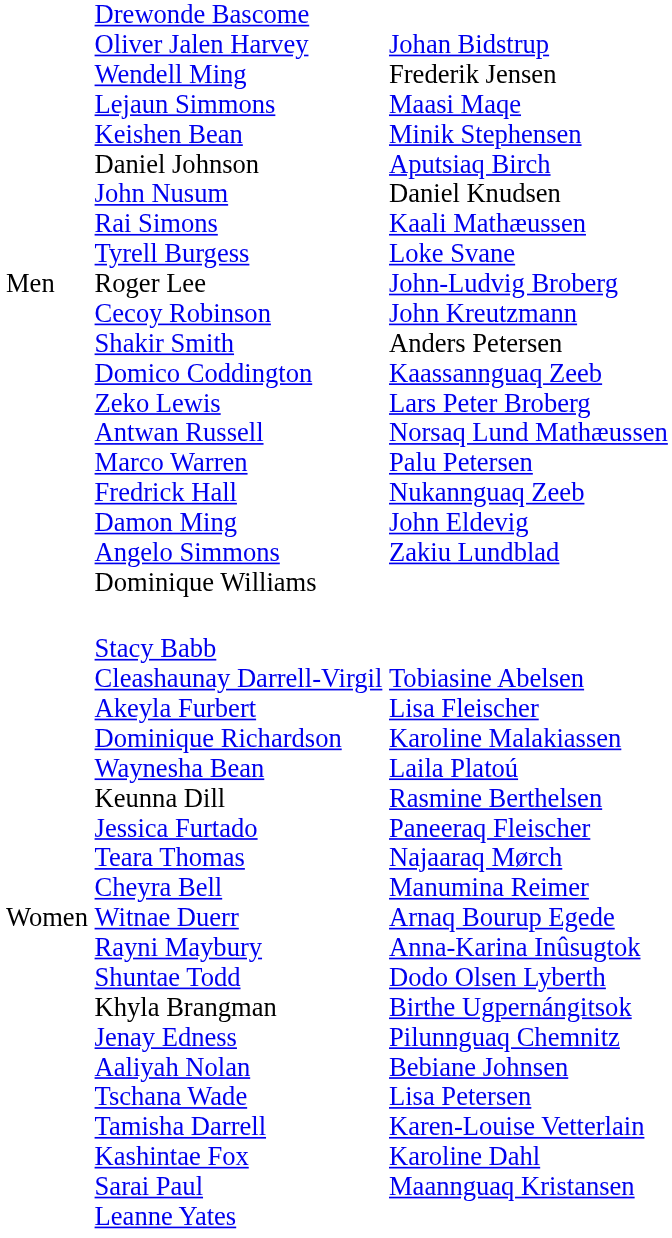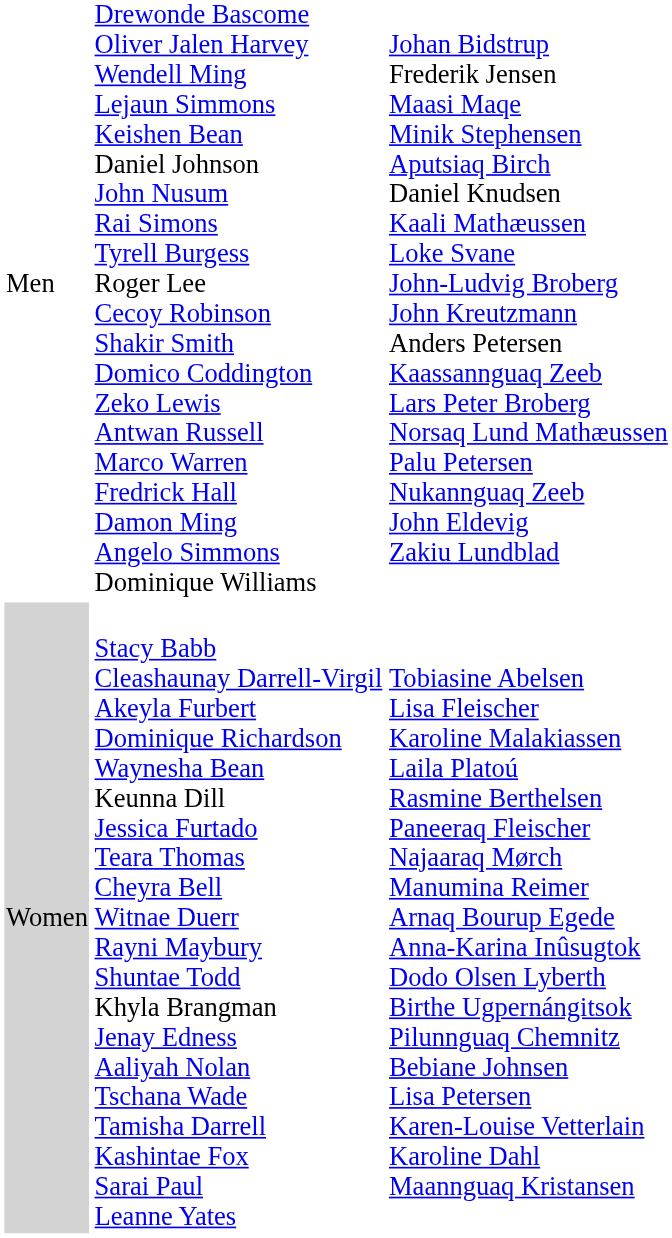 <table>
 <tr>
 <td>Men<br></td>
 <td><br><a href='#'>Drewonde Bascome</a><br><a href='#'>Oliver Jalen Harvey</a><br><a href='#'>Wendell Ming</a><br><a href='#'>Lejaun Simmons</a><br><a href='#'>Keishen Bean</a><br>Daniel Johnson<br><a href='#'>John Nusum</a><br><a href='#'>Rai Simons</a><br><a href='#'>Tyrell Burgess</a><br>Roger Lee<br><a href='#'>Cecoy Robinson</a><br><a href='#'>Shakir Smith</a><br><a href='#'>Domico Coddington</a><br><a href='#'>Zeko Lewis</a><br><a href='#'>Antwan Russell</a><br><a href='#'>Marco Warren</a><br><a href='#'>Fredrick Hall</a><br><a href='#'>Damon Ming</a><br><a href='#'>Angelo Simmons</a><br>Dominique Williams</td>
 <td><br><a href='#'>Johan Bidstrup</a><br>Frederik Jensen<br><a href='#'>Maasi Maqe</a><br><a href='#'>Minik Stephensen</a><br><a href='#'>Aputsiaq Birch</a><br>Daniel Knudsen<br><a href='#'>Kaali Mathæussen</a><br><a href='#'>Loke Svane</a><br><a href='#'>John-Ludvig Broberg</a><br><a href='#'>John Kreutzmann</a><br>Anders Petersen<br><a href='#'>Kaassannguaq Zeeb</a><br><a href='#'>Lars Peter Broberg</a><br><a href='#'>Norsaq Lund Mathæussen</a><br><a href='#'>Palu Petersen</a><br><a href='#'>Nukannguaq Zeeb</a><br><a href='#'>John Eldevig</a><br><a href='#'>Zakiu Lundblad</a></td>
 <td></td>
 </tr>
 <tr>
-<td>Women<br></td>
+<td style="background: lightgrey;">Women<br></td>
 <td><br><a href='#'>Stacy Babb</a><br><a href='#'>Cleashaunay Darrell-Virgil</a><br><a href='#'>Akeyla Furbert</a><br><a href='#'>Dominique Richardson</a><br><a href='#'>Waynesha Bean</a><br>Keunna Dill<br><a href='#'>Jessica Furtado</a><br><a href='#'>Teara Thomas</a><br><a href='#'>Cheyra Bell</a><br><a href='#'>Witnae Duerr</a><br><a href='#'>Rayni Maybury</a><br><a href='#'>Shuntae Todd</a><br>Khyla Brangman<br><a href='#'>Jenay Edness</a><br><a href='#'>Aaliyah Nolan</a><br><a href='#'>Tschana Wade</a><br><a href='#'>Tamisha Darrell</a><br><a href='#'>Kashintae Fox</a><br><a href='#'>Sarai Paul</a><br><a href='#'>Leanne Yates</a></td>
 <td><br><a href='#'>Tobiasine Abelsen</a><br><a href='#'>Lisa Fleischer</a><br><a href='#'>Karoline Malakiassen</a><br><a href='#'>Laila Platoú</a><br><a href='#'>Rasmine Berthelsen</a><br><a href='#'>Paneeraq Fleischer</a><br><a href='#'>Najaaraq Mørch</a><br><a href='#'>Manumina Reimer</a><br><a href='#'>Arnaq Bourup Egede</a><br><a href='#'>Anna-Karina Inûsugtok</a><br><a href='#'>Dodo Olsen Lyberth</a><br><a href='#'>Birthe Ugpernángitsok</a><br><a href='#'>Pilunnguaq Chemnitz</a><br><a href='#'>Bebiane Johnsen</a><br><a href='#'>Lisa Petersen</a><br><a href='#'>Karen-Louise Vetterlain</a><br><a href='#'>Karoline Dahl</a><br><a href='#'>Maannguaq Kristansen</a></td>
 <td></td>
 </tr>
 </table>
